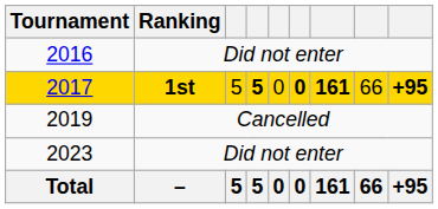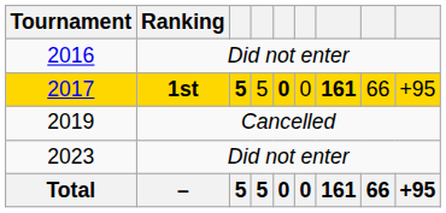 <table class="wikitable sortable" style="text-align:center">
 <tr>
 <th>Tournament</th>
 <th>Ranking</th>
 <th></th>
 <th></th>
 <th></th>
 <th></th>
 <th></th>
 <th></th>
 <th></th>
 </tr>
 <tr>
 <td style="text-align:center;"> <a href='#'>2016</a></td>
 <td Colspan=8><em>Did not enter</em></td>
 </tr>
 <tr bgcolor=gold>
 <td style="text-align:center;"> <a href='#'>2017</a></td>
 <td><strong>1st</strong></td>
+<td><strong>5</strong></td>
 <td>5</td>
-<td><strong>5</strong></td>
+<td><strong>0</strong></td>
 <td>0</td>
-<td><strong>0</strong></td>
 <td><strong>161</strong></td>
 <td>66</td>
-<td><strong>+95</strong></td>
+<td>+95</td>
 </tr>
 <tr>
 <td style="text-align:center;"> 2019</td>
 <td Colspan=8><em>Cancelled</em></td>
 </tr>
 <tr>
 <td style="text-align:center;"> 2023</td>
 <td Colspan=8><em>Did not enter</em></td>
 </tr>
 <tr>
 <th align=center>Total</th>
 <th>–</th>
 <th>5</th>
 <th>5</th>
 <th>0</th>
 <th>0</th>
 <th>161</th>
 <th>66</th>
 <th>+95</th>
 </tr>
 </table>
